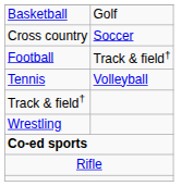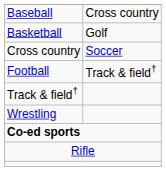 <table class="wikitable" style=" ">
 <tr>
+</tr>
+<tr>
+<td><a href='#'>Baseball</a></td>
+<td>Cross country</td>
 </tr>
 <tr>
 <td><a href='#'>Basketball</a></td>
 <td>Golf</td>
 </tr>
 <tr>
 <td>Cross country</td>
 <td><a href='#'>Soccer</a></td>
 </tr>
 <tr>
 <td><a href='#'>Football</a></td>
 <td>Track & field<sup>†</sup></td>
-</tr>
-<tr>
-<td><a href='#'>Tennis</a></td>
-<td><a href='#'>Volleyball</a></td>
 </tr>
 <tr>
 <td>Track & field<sup>†</sup></td>
 <td></td>
 </tr>
 <tr>
 <td><a href='#'>Wrestling</a></td>
 <td></td>
 </tr>
 <tr>
 <td colspan="2"><strong>Co-ed sports</strong></td>
 </tr>
 <tr style="text-align:center">
 <td colspan="2"><a href='#'>Rifle</a></td>
 </tr>
 <tr>
 <td colspan="2"></td>
 </tr>
 </table>
